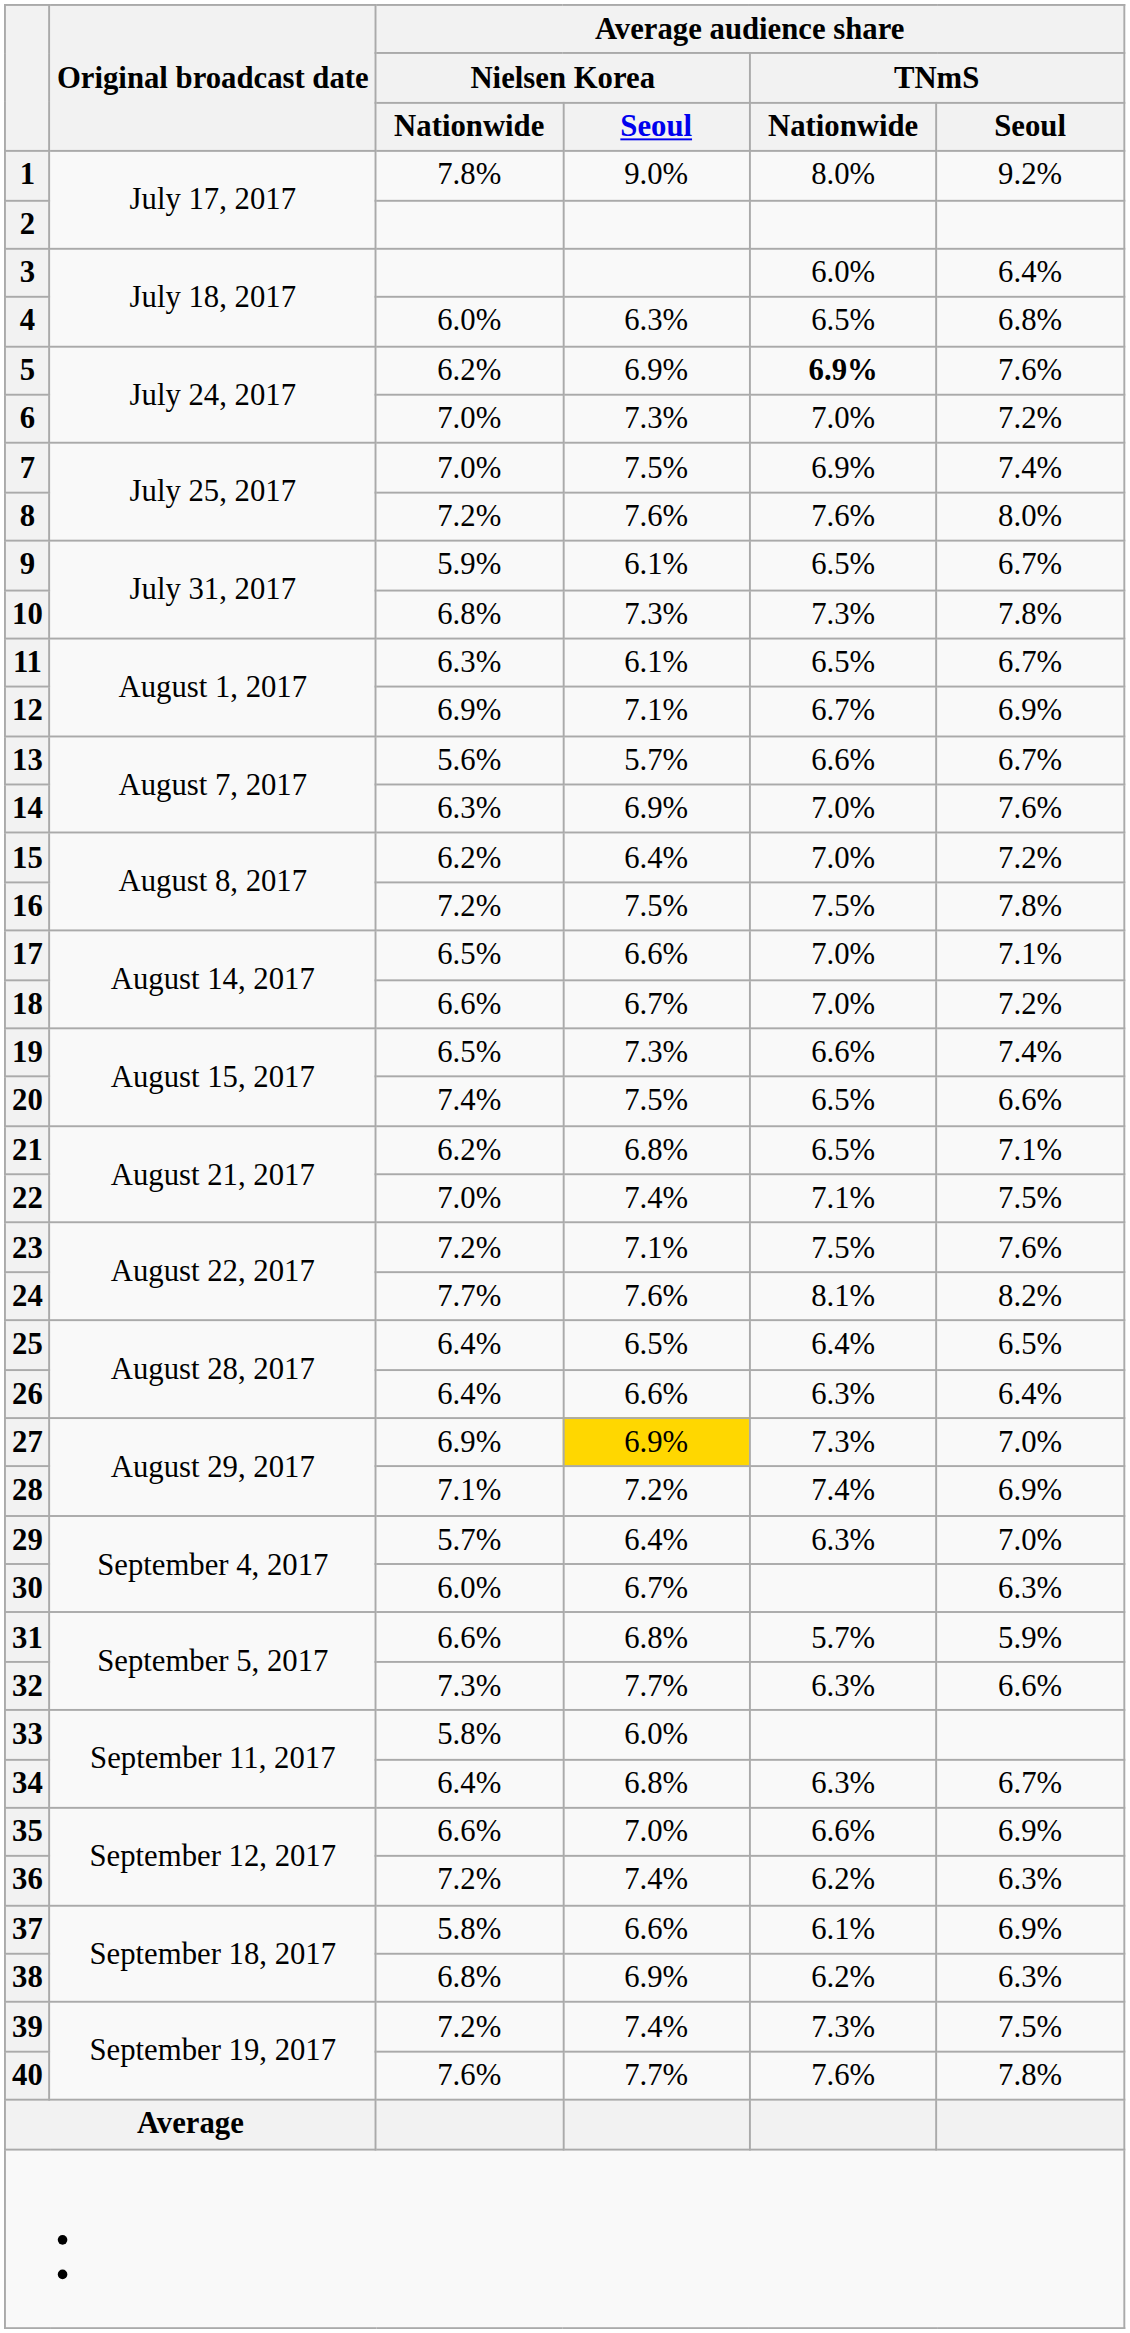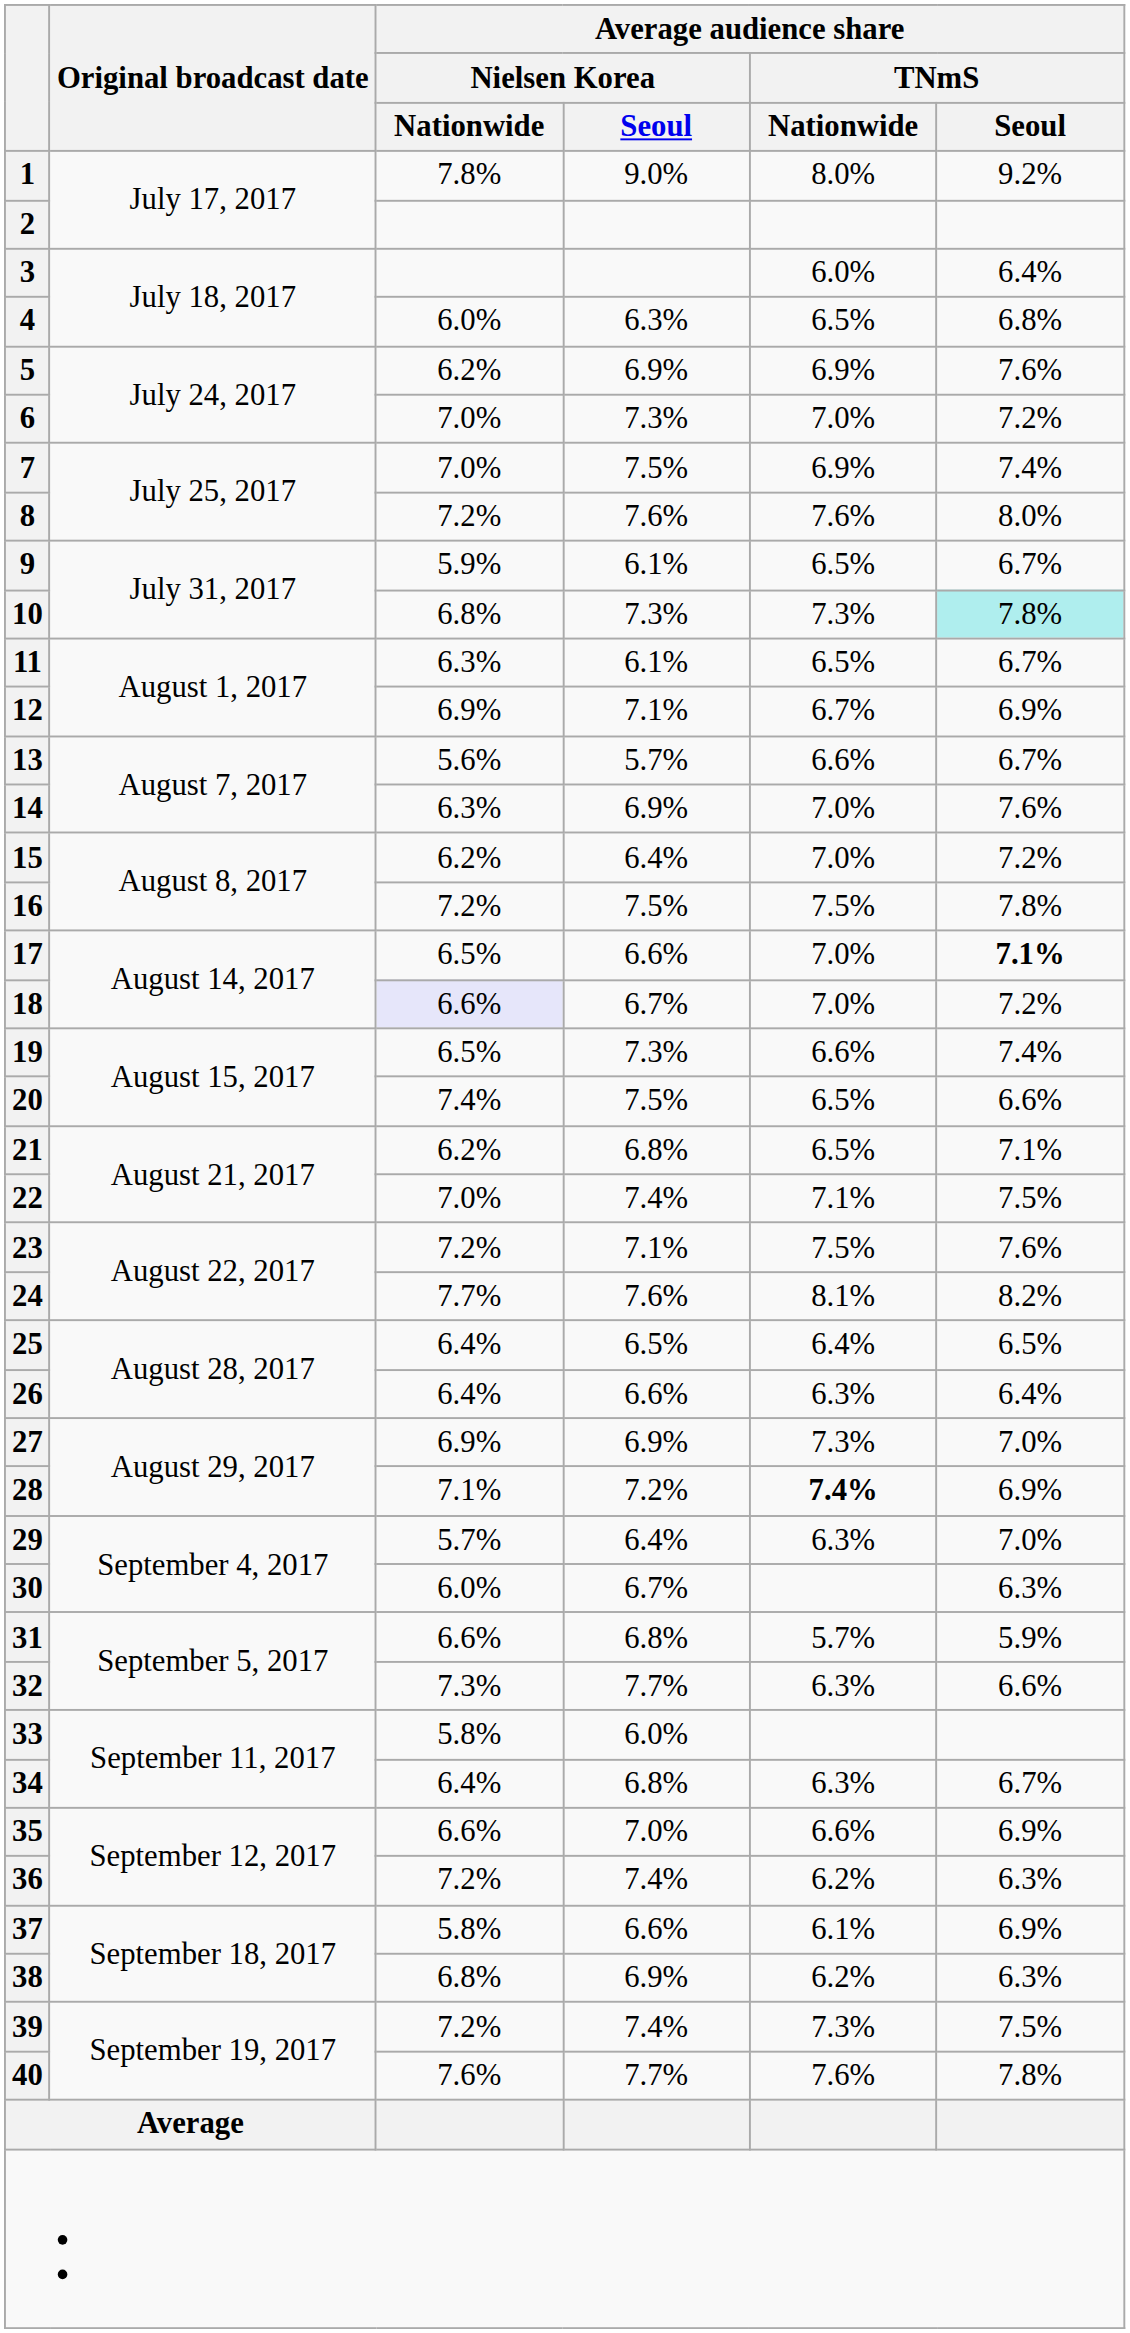 <table class="wikitable" style="text-align:center">
 <tr>
 <th rowspan="3"></th>
 <th rowspan="3">Original broadcast date</th>
 <th colspan="4">Average audience share</th>
 </tr>
 <tr>
 <th colspan="2">Nielsen Korea</th>
 <th colspan="2">TNmS</th>
 </tr>
 <tr>
 <th width="90">Nationwide</th>
 <th width="90"><a href='#'>Seoul</a></th>
 <th width="90">Nationwide</th>
 <th width="90">Seoul</th>
 </tr>
 <tr>
 <th>1</th>
 <td rowspan="2">July 17, 2017</td>
 <td>7.8% </td>
 <td>9.0% </td>
 <td>8.0% </td>
 <td>9.2% </td>
 </tr>
 <tr>
 <th>2</th>
 <td><strong></strong> </td>
 <td><strong></strong> </td>
 <td><strong></strong> </td>
 <td><strong></strong> </td>
 </tr>
 <tr>
 <th>3</th>
 <td rowspan="2">July 18, 2017</td>
 <td><strong></strong> </td>
 <td><strong></strong> </td>
 <td>6.0% </td>
 <td>6.4% </td>
 </tr>
 <tr>
 <th>4</th>
 <td>6.0% </td>
 <td>6.3% </td>
 <td>6.5% </td>
 <td>6.8% </td>
 </tr>
 <tr>
 <th>5</th>
 <td rowspan="2">July 24, 2017</td>
 <td>6.2% </td>
 <td>6.9% </td>
-<td><strong>6.9% </strong></td>
+<td>6.9% </td>
 <td>7.6% </td>
 </tr>
 <tr>
 <th>6</th>
 <td>7.0% </td>
 <td>7.3% </td>
 <td>7.0% </td>
 <td>7.2% </td>
 </tr>
 <tr>
 <th>7</th>
 <td rowspan="2">July 25, 2017</td>
 <td>7.0% </td>
 <td>7.5% </td>
 <td>6.9% </td>
 <td>7.4% </td>
 </tr>
 <tr>
 <th>8</th>
 <td>7.2% </td>
 <td>7.6% </td>
 <td>7.6% </td>
 <td>8.0% </td>
 </tr>
 <tr>
 <th>9</th>
 <td rowspan="2">July 31, 2017</td>
 <td>5.9% </td>
 <td>6.1% </td>
 <td>6.5% </td>
 <td>6.7% </td>
 </tr>
 <tr>
 <th>10</th>
 <td>6.8% </td>
 <td>7.3% </td>
 <td>7.3% </td>
-<td>7.8% </td>
+<td style="background: paleturquoise;">7.8% </td>
 </tr>
 <tr>
 <th>11</th>
 <td rowspan="2">August 1, 2017</td>
 <td>6.3% </td>
 <td>6.1% </td>
 <td>6.5% </td>
 <td>6.7% </td>
 </tr>
 <tr>
 <th>12</th>
 <td>6.9% </td>
 <td>7.1% </td>
 <td>6.7% </td>
 <td>6.9% </td>
 </tr>
 <tr>
 <th>13</th>
 <td rowspan="2">August 7, 2017</td>
 <td>5.6% </td>
 <td>5.7% </td>
 <td>6.6% </td>
 <td>6.7% </td>
 </tr>
 <tr>
 <th>14</th>
 <td>6.3% </td>
 <td>6.9% </td>
 <td>7.0% </td>
 <td>7.6% </td>
 </tr>
 <tr>
 <th>15</th>
 <td rowspan="2">August 8, 2017</td>
 <td>6.2% </td>
 <td>6.4% </td>
 <td>7.0% </td>
 <td>7.2% </td>
 </tr>
 <tr>
 <th>16</th>
 <td>7.2% </td>
 <td>7.5% </td>
 <td>7.5% </td>
 <td>7.8% </td>
 </tr>
 <tr>
 <th>17</th>
 <td rowspan="2">August 14, 2017</td>
 <td>6.5% </td>
 <td>6.6% </td>
 <td>7.0% </td>
-<td>7.1% </td>
+<td><strong>7.1% </strong></td>
 </tr>
 <tr>
 <th>18</th>
-<td>6.6% </td>
+<td style="background: lavender;">6.6% </td>
 <td>6.7% </td>
 <td>7.0% </td>
 <td>7.2% </td>
 </tr>
 <tr>
 <th>19</th>
 <td rowspan="2">August 15, 2017</td>
 <td>6.5% </td>
 <td>7.3% </td>
 <td>6.6% </td>
 <td>7.4% </td>
 </tr>
 <tr>
 <th>20</th>
 <td>7.4% </td>
 <td>7.5% </td>
 <td>6.5% </td>
 <td>6.6% </td>
 </tr>
 <tr>
 <th>21</th>
 <td rowspan="2">August 21, 2017</td>
 <td>6.2% </td>
 <td>6.8% </td>
 <td>6.5% </td>
 <td>7.1% </td>
 </tr>
 <tr>
 <th>22</th>
 <td>7.0% </td>
 <td>7.4% </td>
 <td>7.1% </td>
 <td>7.5% </td>
 </tr>
 <tr>
 <th>23</th>
 <td rowspan="2">August 22, 2017</td>
 <td>7.2% </td>
 <td>7.1% </td>
 <td>7.5% </td>
 <td>7.6% </td>
 </tr>
 <tr>
 <th>24</th>
 <td>7.7% </td>
 <td>7.6% </td>
 <td>8.1% </td>
 <td>8.2% </td>
 </tr>
 <tr>
 <th>25</th>
 <td rowspan="2">August 28, 2017</td>
 <td>6.4% </td>
 <td>6.5% </td>
 <td>6.4% </td>
 <td>6.5% </td>
 </tr>
 <tr>
 <th>26</th>
 <td>6.4% </td>
 <td>6.6% </td>
 <td>6.3% </td>
 <td>6.4% </td>
 </tr>
 <tr>
 <th>27</th>
 <td rowspan="2">August 29, 2017</td>
 <td>6.9% </td>
-<td style="background: gold;">6.9% </td>
+<td>6.9% </td>
 <td>7.3% </td>
 <td>7.0% </td>
 </tr>
 <tr>
 <th>28</th>
 <td>7.1% </td>
 <td>7.2% </td>
-<td>7.4% </td>
+<td><strong>7.4% </strong></td>
 <td>6.9% </td>
 </tr>
 <tr>
 <th>29</th>
 <td rowspan="2">September 4, 2017</td>
 <td>5.7% </td>
 <td>6.4% </td>
 <td>6.3% </td>
 <td>7.0% </td>
 </tr>
 <tr>
 <th>30</th>
 <td>6.0% </td>
 <td>6.7% </td>
 <td><strong></strong> </td>
 <td>6.3% </td>
 </tr>
 <tr>
 <th>31</th>
 <td rowspan="2">September 5, 2017</td>
 <td>6.6% </td>
 <td>6.8% </td>
 <td>5.7% </td>
 <td>5.9% </td>
 </tr>
 <tr>
 <th>32</th>
 <td>7.3% </td>
 <td>7.7% </td>
 <td>6.3% </td>
 <td>6.6% </td>
 </tr>
 <tr>
 <th>33</th>
 <td rowspan="2">September 11, 2017</td>
 <td>5.8% </td>
 <td>6.0% </td>
 <td><strong></strong> </td>
 <td><strong></strong> </td>
 </tr>
 <tr>
 <th>34</th>
 <td>6.4% </td>
 <td>6.8% </td>
 <td>6.3% </td>
 <td>6.7% </td>
 </tr>
 <tr>
 <th>35</th>
 <td rowspan="2">September 12, 2017</td>
 <td>6.6% </td>
 <td>7.0% </td>
 <td>6.6% </td>
 <td>6.9% </td>
 </tr>
 <tr>
 <th>36</th>
 <td>7.2% </td>
 <td>7.4% </td>
 <td>6.2% </td>
 <td>6.3% </td>
 </tr>
 <tr>
 <th>37</th>
 <td rowspan="2">September 18, 2017</td>
 <td>5.8% </td>
 <td>6.6% </td>
 <td>6.1% </td>
 <td>6.9% </td>
 </tr>
 <tr>
 <th>38</th>
 <td>6.8% </td>
 <td>6.9% </td>
 <td>6.2% </td>
 <td>6.3% </td>
 </tr>
 <tr>
 <th>39</th>
 <td rowspan="2">September 19, 2017</td>
 <td>7.2% </td>
 <td>7.4% </td>
 <td>7.3% </td>
 <td>7.5% </td>
 </tr>
 <tr>
 <th>40</th>
 <td>7.6% </td>
 <td>7.7% </td>
 <td>7.6% </td>
 <td>7.8% </td>
 </tr>
 <tr>
 <th colspan="2">Average</th>
 <th></th>
 <th></th>
 <th></th>
 <th></th>
 </tr>
 <tr>
 <td colspan="6"><br><ul><li></li><li></li></ul></td>
 </tr>
 </table>
